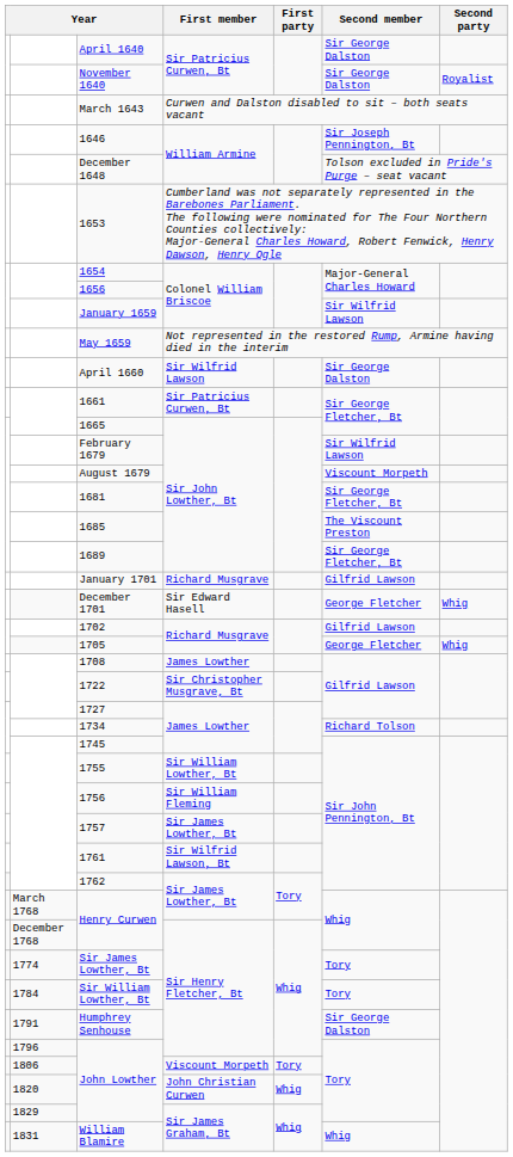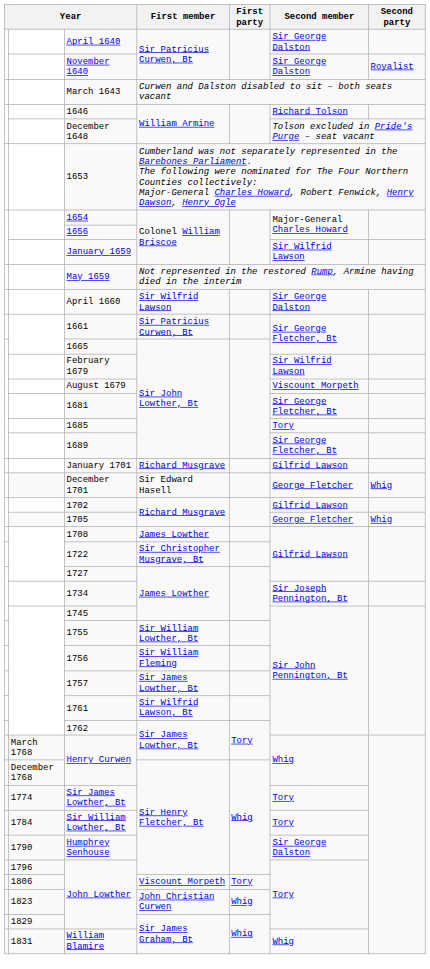 <table class="wikitable">
 <tr>
 <th colspan="3">Year</th>
 <th>First member</th>
 <th>First party</th>
 <th>Second member</th>
 <th>Second party</th>
 </tr>
 <tr>
 <td rowspan="2" style="color:inherit;background-color: white"></td>
 <td style="color:inherit;background-color: white"></td>
 <td><a href='#'>April 1640</a></td>
 <td rowspan="2"><a href='#'>Sir Patricius Curwen, Bt</a></td>
 <td rowspan="2"></td>
 <td><a href='#'>Sir George Dalston</a></td>
 <td></td>
 </tr>
 <tr>
 <td style="color:inherit;background-color: white"></td>
 <td><a href='#'>November 1640</a></td>
 <td><a href='#'>Sir George Dalston</a></td>
 <td><a href='#'>Royalist</a></td>
 </tr>
 <tr>
 <td style="color:inherit;background-color: white"></td>
 <td style="color:inherit;background-color: white"></td>
 <td>March 1643</td>
 <td colspan="4"><em>Curwen and Dalston disabled to sit – both seats vacant</em></td>
 </tr>
 <tr>
 <td rowspan="2" style="color:inherit;background-color: white"></td>
 <td style="color:inherit;background-color: white"></td>
 <td>1646</td>
 <td rowspan="2"><a href='#'>William Armine</a></td>
 <td rowspan="2"></td>
-<td><a href='#'>Sir Joseph Pennington, Bt</a></td>
+<td><a href='#'>Richard Tolson</a></td>
 <td></td>
 </tr>
 <tr>
 <td style="color:inherit;background-color: white"></td>
 <td>December 1648</td>
 <td colspan="2"><em>Tolson excluded in <a href='#'>Pride's Purge</a> – seat vacant</em></td>
 </tr>
 <tr>
 <td style="color:inherit;background-color: white"></td>
 <td style="color:inherit;background-color: white"></td>
 <td>1653</td>
 <td colspan="4"><em>Cumberland was not separately represented in the <a href='#'>Barebones Parliament</a>.<br> The following were nominated for The Four Northern Counties collectively: <br>Major-General <a href='#'>Charles Howard</a>, Robert Fenwick, <a href='#'>Henry Dawson</a>, <a href='#'>Henry Ogle</a></em></td>
 </tr>
 <tr>
 <td rowspan="3" style="color:inherit;background-color: white"></td>
 <td rowspan="2" style="color:inherit;background-color: white"></td>
 <td><a href='#'>1654</a></td>
 <td rowspan="3">Colonel <a href='#'>William Briscoe</a></td>
 <td rowspan="3"></td>
 <td rowspan="2">Major-General <a href='#'>Charles Howard</a></td>
 <td rowspan="2"></td>
 </tr>
 <tr>
 <td><a href='#'>1656</a></td>
 </tr>
 <tr>
 <td style="color:inherit;background-color: white"></td>
 <td><a href='#'>January 1659</a></td>
 <td><a href='#'>Sir Wilfrid Lawson</a></td>
 <td></td>
 </tr>
 <tr>
 <td style="color:inherit;background-color: white"></td>
 <td style="color:inherit;background-color: white"></td>
 <td><a href='#'>May 1659</a></td>
 <td colspan="6"><em>Not represented in the restored <a href='#'>Rump</a>, Armine having died in the interim</em></td>
 </tr>
 <tr>
 <td style="color:inherit;background-color: white"></td>
 <td style="color:inherit;background-color: white"></td>
 <td>April 1660</td>
 <td><a href='#'>Sir Wilfrid Lawson</a></td>
 <td></td>
 <td><a href='#'>Sir George Dalston</a></td>
 <td></td>
 </tr>
 <tr>
 <td style="color:inherit;background-color: white"></td>
 <td style="color:inherit;background-color: white" rowspan="2"></td>
 <td>1661</td>
 <td><a href='#'>Sir Patricius Curwen, Bt</a></td>
 <td></td>
 <td rowspan="2"><a href='#'>Sir George Fletcher, Bt</a></td>
 <td rowspan="2"></td>
 </tr>
 <tr>
 <td style="color:inherit;background-color: white" rowspan="6"></td>
 <td>1665</td>
 <td rowspan="6"><a href='#'>Sir John Lowther, Bt</a></td>
 <td rowspan="6"></td>
 </tr>
 <tr>
 <td style="color:inherit;background-color: white"></td>
 <td>February 1679</td>
 <td><a href='#'>Sir Wilfrid Lawson</a></td>
 <td></td>
 </tr>
 <tr>
 <td style="color:inherit;background-color: white"></td>
 <td>August 1679</td>
 <td><a href='#'>Viscount Morpeth</a></td>
 <td></td>
 </tr>
 <tr>
 <td style="color:inherit;background-color: white"></td>
 <td>1681</td>
 <td><a href='#'>Sir George Fletcher, Bt</a></td>
 <td></td>
 </tr>
 <tr>
 <td style="color:inherit;background-color: white"></td>
 <td>1685</td>
-<td><a href='#'>The Viscount Preston</a></td>
+<td><a href='#'>Tory</a></td>
 <td></td>
 </tr>
 <tr>
 <td style="color:inherit;background-color: white"></td>
 <td>1689</td>
 <td><a href='#'>Sir George Fletcher, Bt</a></td>
 <td></td>
 </tr>
 <tr>
 <td style="color:inherit;background-color: white"></td>
 <td style="color:inherit;background-color: white"></td>
 <td>January 1701</td>
 <td><a href='#'>Richard Musgrave</a></td>
 <td></td>
 <td><a href='#'>Gilfrid Lawson</a></td>
 <td></td>
 </tr>
 <tr>
 <td style="color:inherit;background-color: white"></td>
 <td style="color:inherit;background-color: "></td>
 <td>December 1701</td>
 <td>Sir Edward Hasell</td>
 <td></td>
 <td><a href='#'>George Fletcher</a></td>
 <td><a href='#'>Whig</a></td>
 </tr>
 <tr>
 <td style="color:inherit;background-color: white" rowspan="2"></td>
 <td style="color:inherit;background-color: white"></td>
 <td>1702</td>
 <td rowspan="2"><a href='#'>Richard Musgrave</a></td>
 <td rowspan="2"></td>
 <td><a href='#'>Gilfrid Lawson</a></td>
 <td></td>
 </tr>
 <tr>
 <td style="color:inherit;background-color: "></td>
 <td>1705</td>
 <td><a href='#'>George Fletcher</a></td>
 <td><a href='#'>Whig</a></td>
 </tr>
 <tr>
 <td style="color:inherit;background-color: white"></td>
 <td style="color:inherit;background-color: white" rowspan="3"></td>
 <td>1708</td>
 <td><a href='#'>James Lowther</a></td>
 <td></td>
 <td rowspan="3"><a href='#'>Gilfrid Lawson</a></td>
 <td rowspan="3"></td>
 </tr>
 <tr>
 <td style="color:inherit;background-color: white"></td>
 <td>1722</td>
 <td><a href='#'>Sir Christopher Musgrave, Bt</a></td>
 <td></td>
 </tr>
 <tr>
 <td style="color:inherit;background-color: white" rowspan="3"></td>
 <td>1727</td>
 <td rowspan="3"><a href='#'>James Lowther</a></td>
 <td rowspan="3"></td>
 </tr>
 <tr>
 <td style="color:inherit;background-color: white"></td>
 <td>1734</td>
-<td><a href='#'>Richard Tolson</a></td>
+<td><a href='#'>Sir Joseph Pennington, Bt</a></td>
 <td></td>
 </tr>
 <tr>
 <td style="color:inherit;background-color: white" rowspan="6"></td>
 <td>1745</td>
 <td rowspan="6"><a href='#'>Sir John Pennington, Bt</a></td>
 <td rowspan="6"></td>
 </tr>
 <tr>
 <td style="color:inherit;background-color: white"></td>
 <td>1755</td>
 <td><a href='#'>Sir William Lowther, Bt</a></td>
 <td></td>
 </tr>
 <tr>
 <td style="color:inherit;background-color: white"></td>
 <td>1756</td>
 <td><a href='#'>Sir William Fleming</a></td>
 <td></td>
 </tr>
 <tr>
 <td style="color:inherit;background-color: white"></td>
 <td>1757</td>
 <td><a href='#'>Sir James Lowther, Bt</a></td>
 <td></td>
 </tr>
 <tr>
 <td style="color:inherit;background-color: white"></td>
 <td>1761</td>
 <td><a href='#'>Sir Wilfrid Lawson, Bt</a></td>
 <td></td>
 </tr>
 <tr>
 <td style="color:inherit;background-color: "></td>
 <td>1762</td>
 <td rowspan="2"><a href='#'>Sir James Lowther, Bt</a></td>
 <td rowspan="2"><a href='#'>Tory</a></td>
 </tr>
 <tr>
 <td style="color:inherit;background-color: "></td>
 <td>March 1768</td>
 <td rowspan="2"><a href='#'>Henry Curwen</a></td>
 <td rowspan="2"><a href='#'>Whig</a></td>
 </tr>
 <tr>
 <td style="color:inherit;background-color: "></td>
 <td>December 1768</td>
 <td rowspan="5"><a href='#'>Sir Henry Fletcher, Bt</a></td>
 <td rowspan="5"><a href='#'>Whig</a></td>
 </tr>
 <tr>
 <td style="color:inherit;background-color: "></td>
 <td>1774</td>
 <td><a href='#'>Sir James Lowther, Bt</a></td>
 <td><a href='#'>Tory</a></td>
 </tr>
 <tr>
 <td style="color:inherit;background-color: "></td>
 <td>1784</td>
 <td><a href='#'>Sir William Lowther, Bt</a></td>
 <td><a href='#'>Tory</a></td>
 </tr>
 <tr>
 <td style="color:inherit;background-color: "></td>
-<td>1791</td>
+<td>1790</td>
 <td><a href='#'>Humphrey Senhouse</a></td>
 <td><a href='#'>Sir George Dalston</a></td>
 </tr>
 <tr>
 <td style="color:inherit;background-color: "></td>
 <td>1796</td>
 <td rowspan="4"><a href='#'>John Lowther</a></td>
 <td rowspan="4"><a href='#'>Tory</a></td>
 </tr>
 <tr>
 <td style="color:inherit;background-color: "></td>
 <td>1806</td>
 <td><a href='#'>Viscount Morpeth</a></td>
 <td><a href='#'>Tory</a></td>
 </tr>
 <tr>
 <td style="color:inherit;background-color: "></td>
-<td>1820</td>
+<td>1823</td>
 <td><a href='#'>John Christian Curwen</a></td>
 <td><a href='#'>Whig</a></td>
 </tr>
 <tr>
 <td style="color:inherit;background-color: "></td>
 <td>1829</td>
 <td rowspan="2"><a href='#'>Sir James Graham, Bt</a></td>
 <td rowspan="2"><a href='#'>Whig</a></td>
 </tr>
 <tr>
 <td style="color:inherit;background-color: "></td>
 <td>1831</td>
 <td><a href='#'>William Blamire</a></td>
 <td><a href='#'>Whig</a></td>
 </tr>
 </table>
